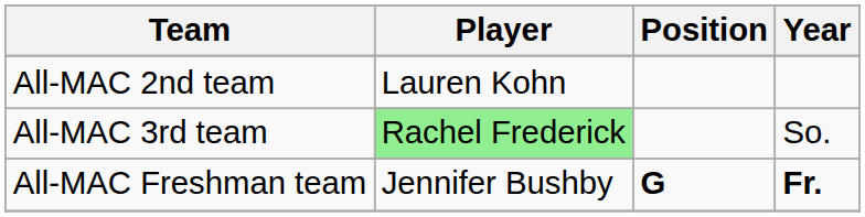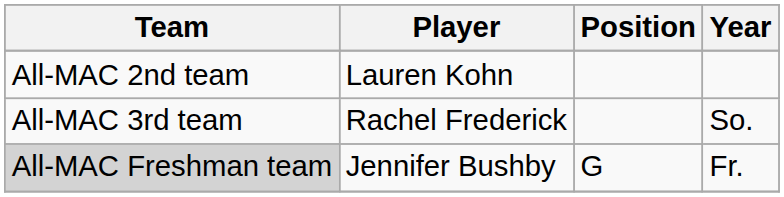 <table class="wikitable" border="1">
 <tr align=center>
 <th style= >Team</th>
 <th style= >Player</th>
 <th style= >Position</th>
 <th style= >Year</th>
 </tr>
 <tr align="center">
 </tr>
 <tr>
 <td>All-MAC 2nd team</td>
 <td>Lauren Kohn</td>
 <td></td>
 <td></td>
 </tr>
 <tr>
 <td>All-MAC 3rd team</td>
-<td style="background: lightgreen;">Rachel Frederick</td>
+<td>Rachel Frederick</td>
 <td></td>
 <td>So.</td>
 </tr>
 <tr>
-<td>All-MAC Freshman team</td>
+<td style="background: lightgrey;">All-MAC Freshman team</td>
 <td>Jennifer Bushby</td>
-<td><strong>G</strong></td>
-<td><strong>Fr.</strong></td>
+<td>G</td>
+<td>Fr.</td>
 </tr>
 <tr>
 </tr>
 </table>
